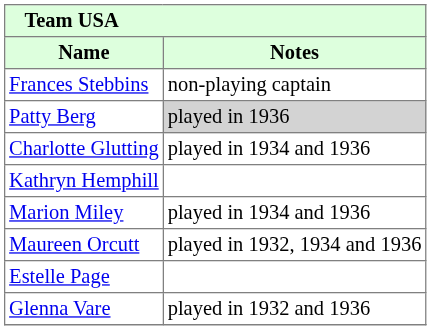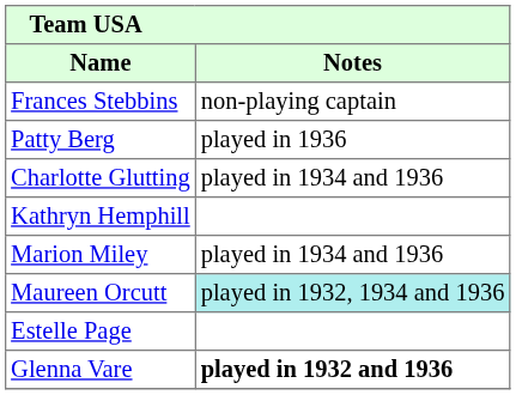 <table border="1" cellpadding="3" style="border-collapse: collapse;">
 <tr style="background:#ddffdd;">
 <td colspan="6">   <strong>Team USA</strong></td>
 </tr>
 <tr style="background:#ddffdd;">
 <th>Name</th>
 <th>Notes</th>
 </tr>
 <tr>
 <td><a href='#'>Frances Stebbins</a></td>
 <td>non-playing captain</td>
 </tr>
 <tr>
 <td><a href='#'>Patty Berg</a></td>
-<td style="background: lightgrey;">played in 1936</td>
+<td>played in 1936</td>
 </tr>
 <tr>
 <td><a href='#'>Charlotte Glutting</a></td>
 <td>played in 1934 and 1936</td>
 </tr>
 <tr>
 <td><a href='#'>Kathryn Hemphill</a></td>
 <td></td>
 </tr>
 <tr>
 <td><a href='#'>Marion Miley</a></td>
 <td>played in 1934 and 1936</td>
 </tr>
 <tr>
 <td><a href='#'>Maureen Orcutt</a></td>
-<td>played in 1932, 1934 and 1936</td>
+<td style="background: paleturquoise;">played in 1932, 1934 and 1936</td>
 </tr>
 <tr>
 <td><a href='#'>Estelle Page</a></td>
 <td></td>
 </tr>
 <tr>
 <td><a href='#'>Glenna Vare</a></td>
-<td>played in 1932 and 1936</td>
+<td><strong>played in 1932 and 1936</strong></td>
 </tr>
 <tr>
 </tr>
 </table>
